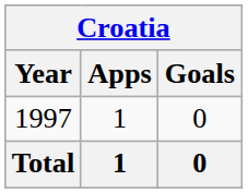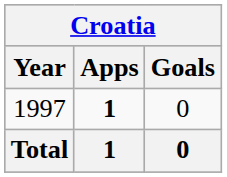 <table class="wikitable" style="text-align:center">
 <tr>
 <th colspan=3><a href='#'>Croatia</a></th>
 </tr>
 <tr>
 <th>Year</th>
 <th>Apps</th>
 <th>Goals</th>
 </tr>
 <tr>
 <td>1997</td>
-<td>1</td>
+<td><strong>1</strong></td>
 <td>0</td>
 </tr>
 <tr>
 <th>Total</th>
 <th>1</th>
 <th>0</th>
 </tr>
 </table>
